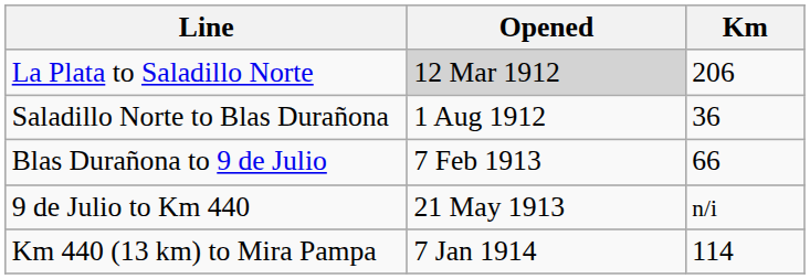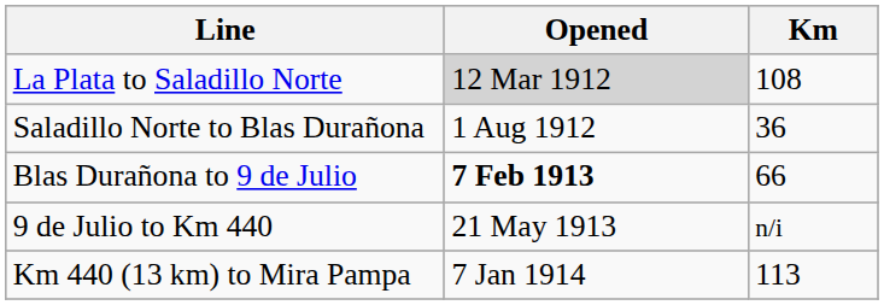 <table class="wikitable">
 <tr>
 <th style="width:220px">Line</th>
 <th style="width:150px">Opened</th>
 <th style="width:60px">Km</th>
 </tr>
 <tr>
 <td><a href='#'>La Plata</a> to <a href='#'>Saladillo Norte</a></td>
 <td style="background: lightgrey;">12 Mar 1912</td>
-<td>206</td>
+<td>108</td>
 </tr>
 <tr>
 <td>Saladillo Norte to Blas Durañona</td>
 <td>1 Aug 1912</td>
 <td>36</td>
 </tr>
 <tr>
 <td>Blas Durañona to <a href='#'>9 de Julio</a></td>
-<td>7 Feb 1913</td>
+<td><strong>7 Feb 1913</strong></td>
 <td>66</td>
 </tr>
 <tr>
 <td>9 de Julio to Km 440</td>
 <td>21 May 1913</td>
 <td><small> n/i </small></td>
 </tr>
 <tr>
 <td>Km 440 (13 km)  to Mira Pampa</td>
 <td>7 Jan 1914</td>
-<td>114</td>
+<td>113</td>
 </tr>
 </table>
